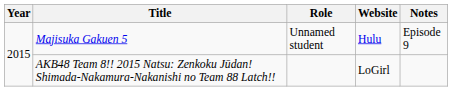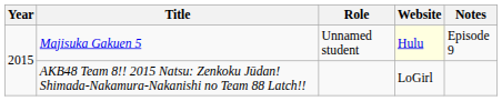 <table class="wikitable">
 <tr>
 <th>Year</th>
 <th>Title</th>
 <th>Role</th>
 <th>Website</th>
 <th>Notes</th>
 </tr>
 <tr>
 <td rowspan="2">2015</td>
 <td><em><a href='#'>Majisuka Gakuen 5</a></em></td>
 <td>Unnamed student</td>
-<td><a href='#'>Hulu</a></td>
+<td style="background: lightyellow;"><a href='#'>Hulu</a></td>
 <td>Episode 9</td>
 </tr>
 <tr>
 <td><em>AKB48 Team 8!! 2015 Natsu: Zenkoku Jūdan! Shimada-Nakamura-Nakanishi no Team 88 Latch!!</em></td>
 <td></td>
 <td>LoGirl</td>
 <td></td>
 </tr>
 </table>
